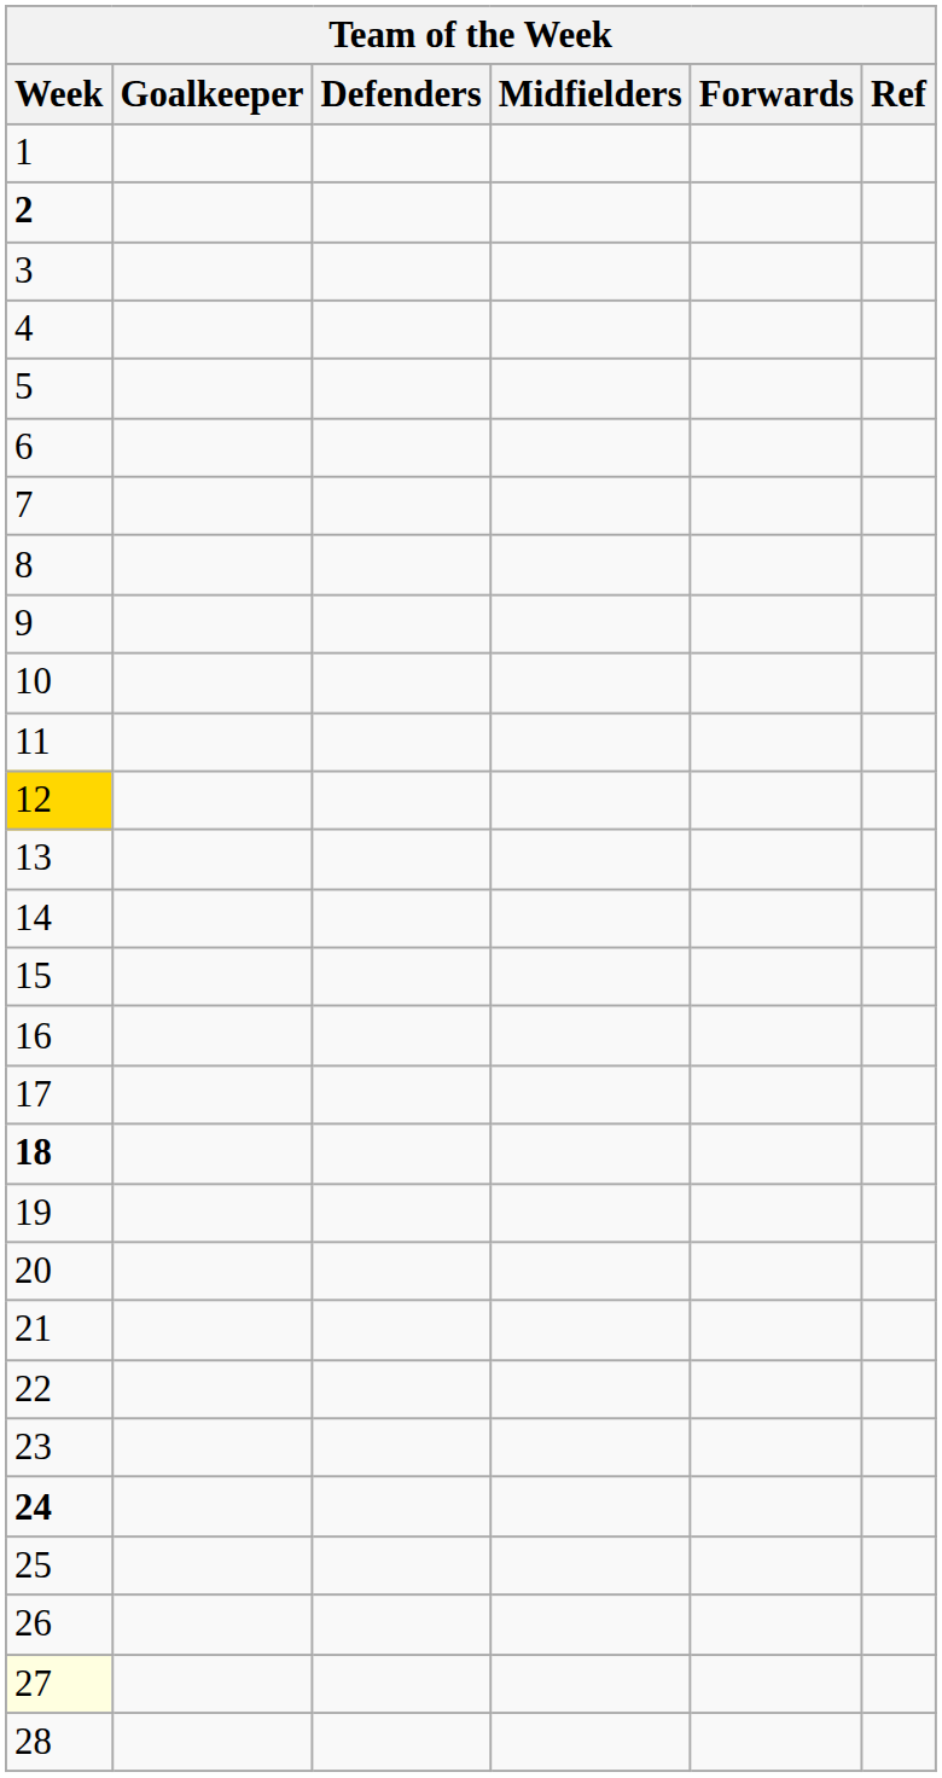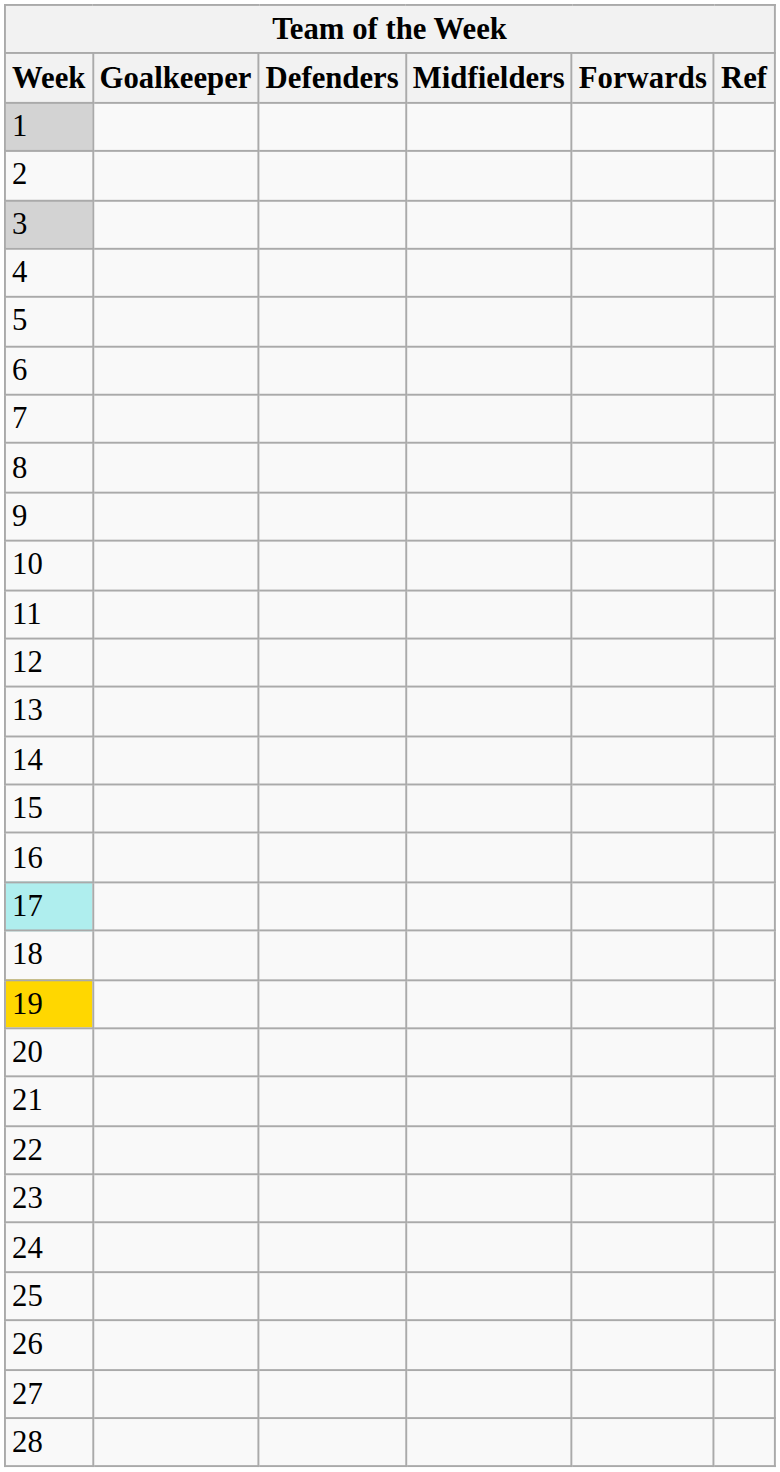 <table class="wikitable mw-collapsible mw-collapsed">
 <tr>
 <th colspan="6">Team of the Week</th>
 </tr>
 <tr>
 <th>Week</th>
 <th>Goalkeeper</th>
 <th>Defenders</th>
 <th>Midfielders</th>
 <th>Forwards</th>
 <th>Ref</th>
 </tr>
 <tr>
-<td>1</td>
+<td style="background: lightgrey;">1</td>
 <td></td>
 <td></td>
 <td></td>
 <td></td>
 <td></td>
 </tr>
 <tr>
-<td><strong>2</strong></td>
+<td>2</td>
 <td></td>
 <td></td>
 <td></td>
 <td></td>
 <td></td>
 </tr>
 <tr>
-<td>3</td>
+<td style="background: lightgrey;">3</td>
 <td></td>
 <td></td>
 <td></td>
 <td></td>
 <td></td>
 </tr>
 <tr>
 <td>4</td>
 <td></td>
 <td></td>
 <td></td>
 <td></td>
 <td></td>
 </tr>
 <tr>
 <td>5</td>
 <td></td>
 <td></td>
 <td></td>
 <td></td>
 <td></td>
 </tr>
 <tr>
 <td>6</td>
 <td></td>
 <td></td>
 <td></td>
 <td></td>
 <td></td>
 </tr>
 <tr>
 <td>7</td>
 <td></td>
 <td></td>
 <td></td>
 <td></td>
 <td></td>
 </tr>
 <tr>
 <td>8</td>
 <td></td>
 <td></td>
 <td></td>
 <td></td>
 <td></td>
 </tr>
 <tr>
 <td>9</td>
 <td></td>
 <td></td>
 <td></td>
 <td></td>
 <td></td>
 </tr>
 <tr>
 <td>10</td>
 <td></td>
 <td></td>
 <td></td>
 <td></td>
 <td></td>
 </tr>
 <tr>
 <td>11</td>
 <td></td>
 <td></td>
 <td></td>
 <td></td>
 <td></td>
 </tr>
 <tr>
-<td style="background: gold;">12</td>
+<td>12</td>
 <td></td>
 <td></td>
 <td></td>
 <td></td>
 <td></td>
 </tr>
 <tr>
 <td>13</td>
 <td></td>
 <td></td>
 <td></td>
 <td></td>
 <td></td>
 </tr>
 <tr>
 <td>14</td>
 <td></td>
 <td></td>
 <td></td>
 <td></td>
 <td></td>
 </tr>
 <tr>
 <td>15</td>
 <td></td>
 <td></td>
 <td></td>
 <td></td>
 <td></td>
 </tr>
 <tr>
 <td>16</td>
 <td></td>
 <td></td>
 <td></td>
 <td></td>
 <td></td>
 </tr>
 <tr>
-<td>17</td>
+<td style="background: paleturquoise;">17</td>
 <td></td>
 <td></td>
 <td></td>
 <td></td>
 <td></td>
 </tr>
 <tr>
-<td><strong>18</strong></td>
+<td>18</td>
 <td></td>
 <td></td>
 <td></td>
 <td></td>
 <td></td>
 </tr>
 <tr>
-<td>19</td>
+<td style="background: gold;">19</td>
 <td></td>
 <td></td>
 <td></td>
 <td></td>
 <td></td>
 </tr>
 <tr>
 <td>20</td>
 <td></td>
 <td></td>
 <td></td>
 <td></td>
 <td></td>
 </tr>
 <tr>
 <td>21</td>
 <td></td>
 <td></td>
 <td></td>
 <td></td>
 <td></td>
 </tr>
 <tr>
 <td>22</td>
 <td></td>
 <td></td>
 <td></td>
 <td></td>
 <td></td>
 </tr>
 <tr>
 <td>23</td>
 <td></td>
 <td></td>
 <td></td>
 <td></td>
 <td></td>
 </tr>
 <tr>
-<td><strong>24</strong></td>
+<td>24</td>
 <td></td>
 <td></td>
 <td></td>
 <td></td>
 <td></td>
 </tr>
 <tr>
 <td>25</td>
 <td></td>
 <td></td>
 <td></td>
 <td></td>
 <td></td>
 </tr>
 <tr>
 <td>26</td>
 <td></td>
 <td></td>
 <td></td>
 <td></td>
 <td></td>
 </tr>
 <tr>
-<td style="background: lightyellow;">27</td>
+<td>27</td>
 <td></td>
 <td></td>
 <td></td>
 <td></td>
 <td></td>
 </tr>
 <tr>
 <td>28</td>
 <td></td>
 <td></td>
 <td></td>
 <td></td>
 <td></td>
 </tr>
 </table>
